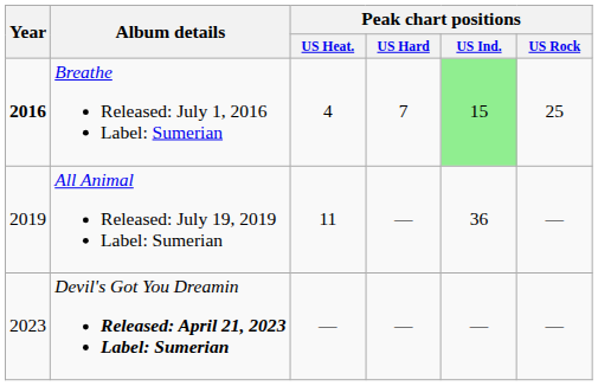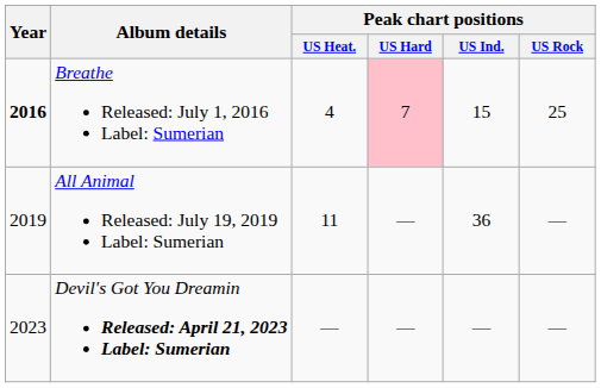 <table class="wikitable">
 <tr>
 <th rowspan="2">Year</th>
 <th rowspan="2">Album details</th>
 <th colspan="4">Peak chart positions</th>
 </tr>
 <tr>
 <th style="width:5em;font-size:75%"><a href='#'>US Heat.</a><br></th>
 <th style="width:5em;font-size:75%"><a href='#'>US Hard</a><br></th>
 <th style="width:5em;font-size:75%"><a href='#'>US Ind.</a><br></th>
 <th style="width:5em;font-size:75%"><a href='#'>US Rock</a><br></th>
 </tr>
 <tr>
 <td style="text-align:center;"><strong>2016</strong></td>
 <td align="left"><em><a href='#'>Breathe</a></em><br><ul><li>Released: July 1, 2016</li><li>Label: <a href='#'>Sumerian</a></li></ul></td>
 <td style="text-align:center;">4</td>
-<td style="text-align:center;">7</td>
-<td style="background: lightgreen; text-align:center;">15</td>
+<td style="background: pink; text-align:center;">7</td>
+<td style="text-align:center;">15</td>
 <td style="text-align:center;">25</td>
 </tr>
 <tr>
 <td style="text-align:center;">2019</td>
 <td align="left"><em><a href='#'>All Animal</a></em><br><ul><li>Released: July 19, 2019</li><li>Label: Sumerian</li></ul></td>
 <td style="text-align:center;">11</td>
 <td style="text-align:center;">—</td>
 <td style="text-align:center;">36</td>
 <td style="text-align:center;">—</td>
 </tr>
 <tr>
 <td style="text-align:center;">2023</td>
 <td align="left"><em>Devil's Got You Dreamin<strong><br><ul><li>Released: April 21, 2023</li><li>Label: Sumerian</li></ul></td>
 <td style="text-align:center;">—</td>
 <td style="text-align:center;">—</td>
 <td style="text-align:center;">—</td>
 <td style="text-align:center;">—</td>
 </tr>
 </table>
